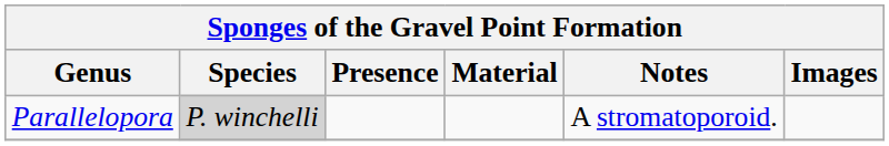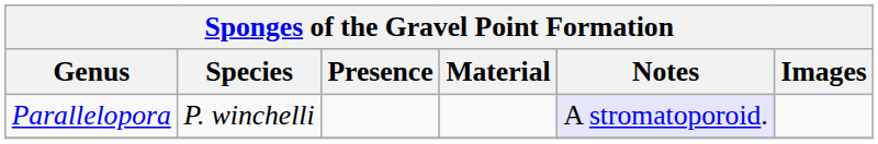 <table class="wikitable" align="center">
 <tr>
 <th colspan="6" align="center"><strong><a href='#'>Sponges</a> of the Gravel Point Formation</strong></th>
 </tr>
 <tr>
 <th>Genus</th>
 <th>Species</th>
 <th>Presence</th>
 <th><strong>Material</strong></th>
 <th>Notes</th>
 <th>Images</th>
 </tr>
 <tr>
 <td><em><a href='#'>Parallelopora</a></em></td>
-<td style="background: lightgrey;"><em>P. winchelli</em></td>
+<td><em>P. winchelli</em></td>
 <td></td>
 <td></td>
-<td>A <a href='#'>stromatoporoid</a>.</td>
+<td style="background: lavender;">A <a href='#'>stromatoporoid</a>.</td>
 <td></td>
 </tr>
 <tr>
 </tr>
 </table>
